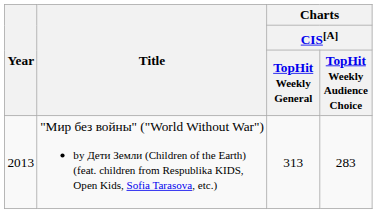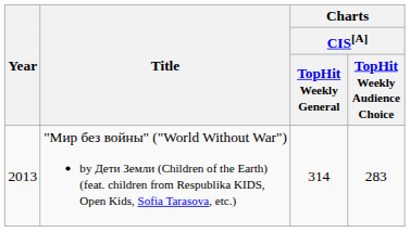 <table class="wikitable">
 <tr>
 <th rowspan="3">Year</th>
 <th rowspan="3">Title</th>
 <th colspan="2">Charts</th>
 </tr>
 <tr>
 <th colspan="2" align="center"><a href='#'>CIS</a><sup>[A]</sup></th>
 </tr>
 <tr>
 <th style="width:3.5em;"><a href='#'>TopHit</a><br><small>Weekly<br>General</small><br></th>
 <th style="width:3.5em;"><a href='#'>TopHit</a><br><small>Weekly<br>Audience<br>Choice</small><br></th>
 </tr>
 <tr>
 <td align="center">2013</td>
 <td>"Мир без войны" ("World Without War")<br><ul><li><small>by Дети Земли (Children of the Earth)<br>(feat. children from Respublika KIDS,<br>Open Kids, <a href='#'>Sofia Tarasova</a>, etc.)</small></li></ul></td>
-<td align="center">313</td>
+<td align="center">314</td>
 <td align="center">283</td>
 </tr>
 </table>
